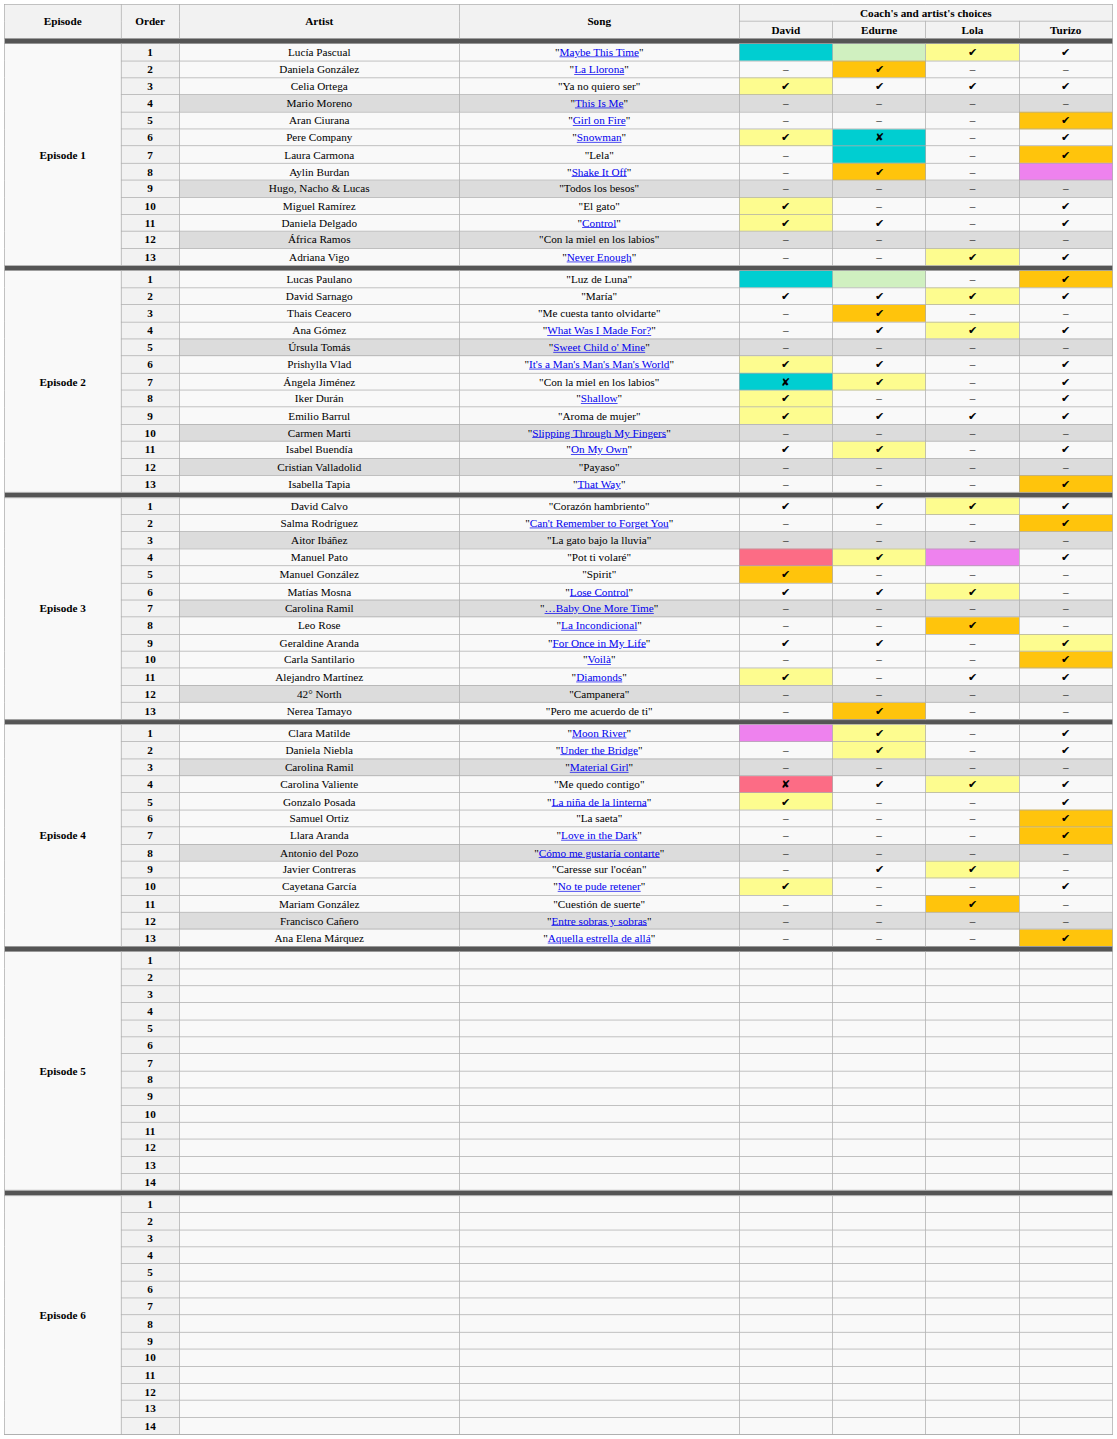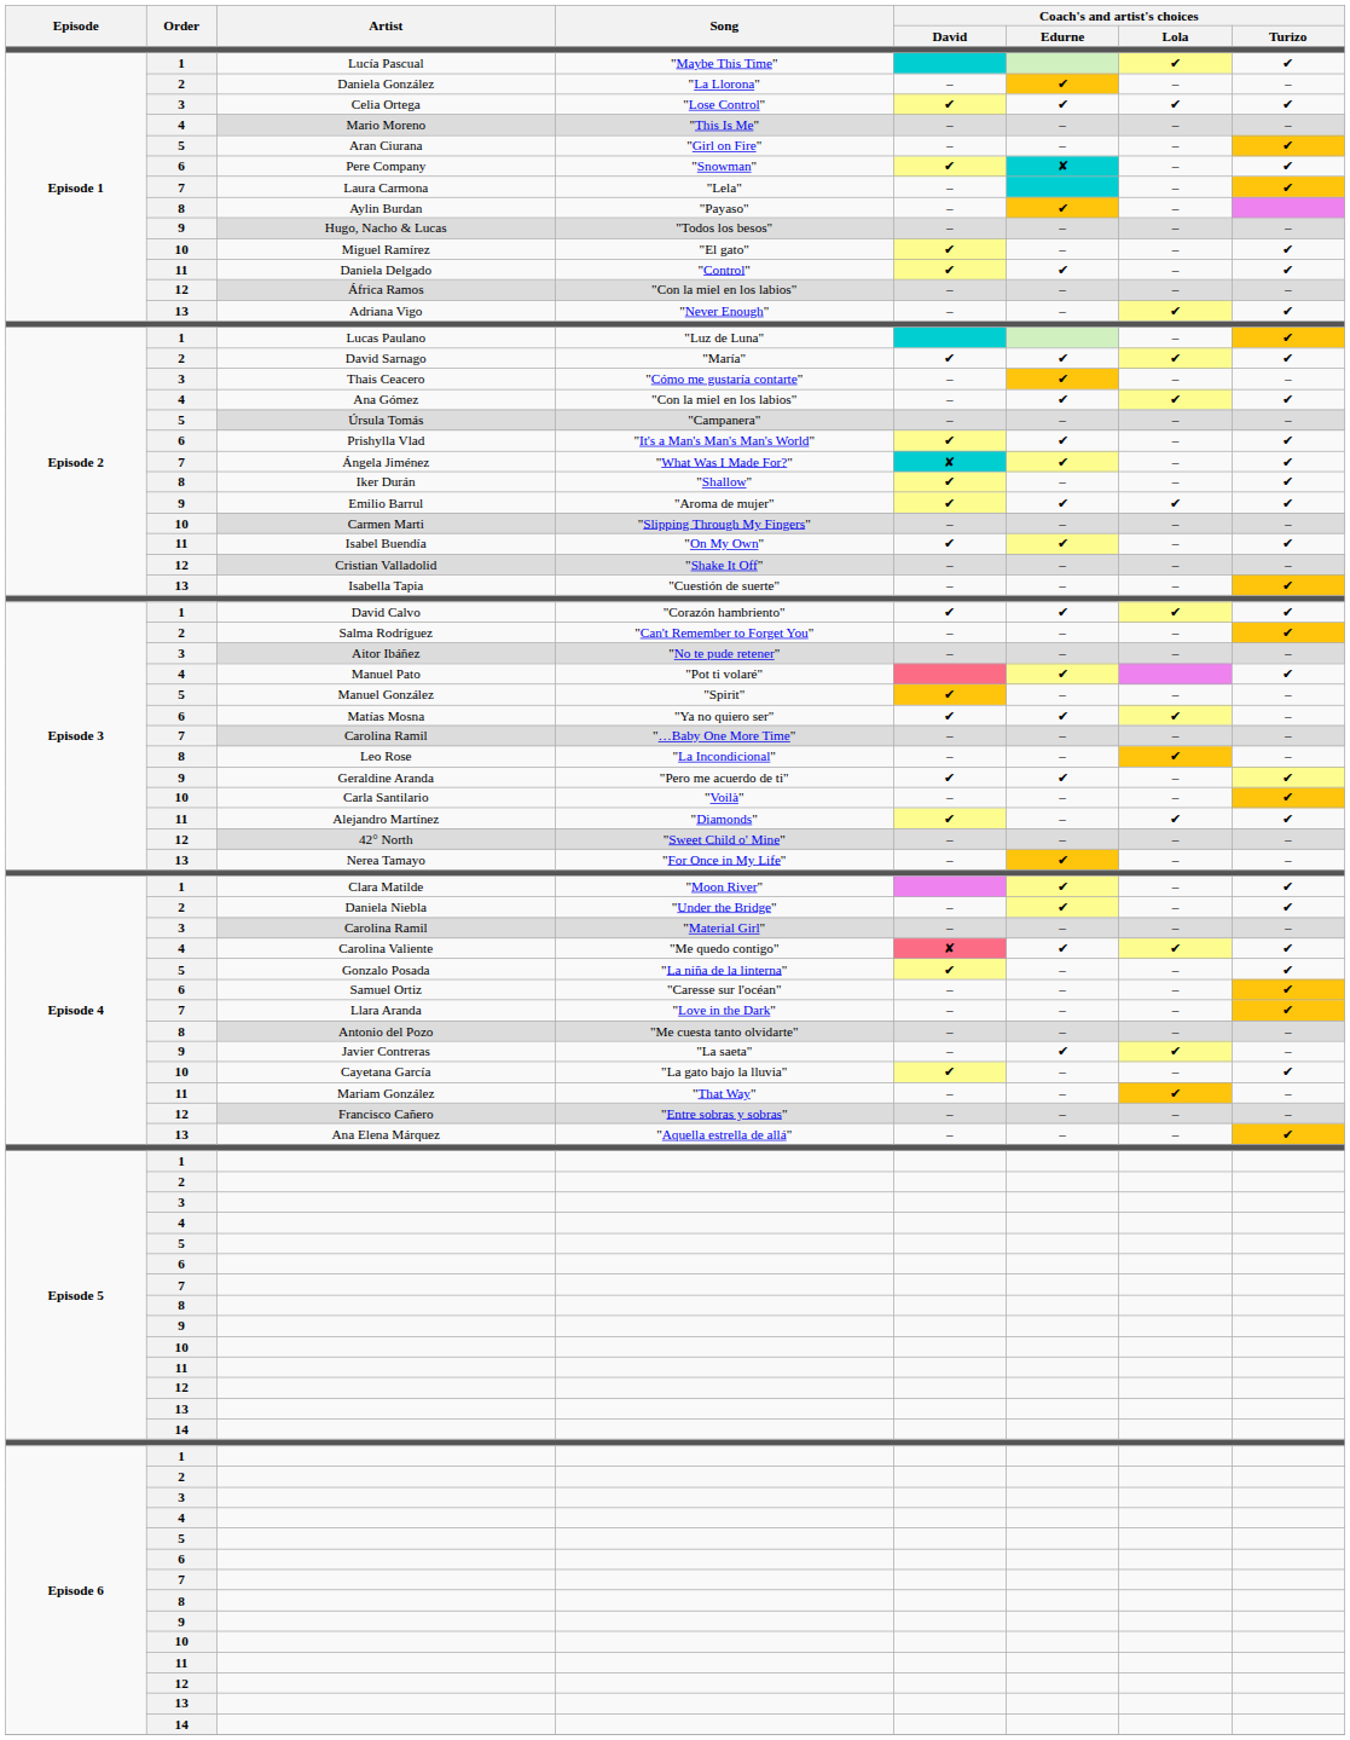 <table class="wikitable" style="text-align:center; line-height:17px; width:100%">
 <tr>
 <th rowspan="2" scope="col" style="width:10%">Episode</th>
 <th rowspan="2" scope="col" style="width:05%">Order</th>
 <th rowspan="2" scope="col" style="width:24%">Artist</th>
 <th rowspan="2" scope="col" style="width:24%">Song</th>
 <th colspan="4" scope="col" style="width:24%">Coach's and artist's choices</th>
 </tr>
 <tr>
 <th style="width:08%">David</th>
 <th style="width:08%">Edurne</th>
 <th style="width:08%">Lola</th>
 <th style="width:08%">Turizo</th>
 </tr>
 <tr>
 <td colspan="9" style="background:#555"></td>
 </tr>
 <tr>
 <td rowspan="13"><strong>Episode 1</strong><br></td>
 <th scope="row">1</th>
 <td>Lucía Pascual</td>
 <td>"<a href='#'>Maybe This Time</a>"</td>
 <td style="background:#00ced1"></td>
 <td style="background:#d0f0c0"></td>
 <td style="background:#fdfc8f">✔</td>
 <td>✔</td>
 </tr>
 <tr>
 <th scope="row">2</th>
 <td>Daniela González</td>
 <td>"<a href='#'>La Llorona</a>"</td>
 <td>–</td>
 <td style="background:#ffc40c">✔</td>
 <td>–</td>
 <td>–</td>
 </tr>
 <tr>
 <th scope="row">3</th>
 <td>Celia Ortega</td>
-<td>"Ya no quiero ser"</td>
+<td>"<a href='#'>Lose Control</a>"</td>
 <td style="background:#fdfc8f">✔</td>
 <td>✔</td>
 <td>✔</td>
 <td>✔</td>
 </tr>
 <tr bgcolor=dcdcdc>
 <th scope="row">4</th>
 <td>Mario Moreno</td>
 <td>"<a href='#'>This Is Me</a>"</td>
 <td>–</td>
 <td>–</td>
 <td>–</td>
 <td>–</td>
 </tr>
 <tr>
 <th scope="row">5</th>
 <td>Aran Ciurana</td>
 <td>"<a href='#'>Girl on Fire</a>"</td>
 <td>–</td>
 <td>–</td>
 <td>–</td>
 <td style="background:#ffc40c">✔</td>
 </tr>
 <tr>
 <th scope="row">6</th>
 <td>Pere Company</td>
 <td>"<a href='#'>Snowman</a>"</td>
 <td style="background:#fdfc8f">✔</td>
 <td style="background:#00ced1">✘</td>
 <td>–</td>
 <td>✔</td>
 </tr>
 <tr>
 <th scope="row">7</th>
 <td>Laura Carmona</td>
 <td>"Lela"</td>
 <td>–</td>
 <td style="background:#00ced1"></td>
 <td>–</td>
 <td style="background:#ffc40c">✔</td>
 </tr>
 <tr>
 <th scope="row">8</th>
 <td>Aylin Burdan</td>
-<td>"<a href='#'>Shake It Off</a>"</td>
+<td>"Payaso"</td>
 <td>–</td>
 <td style="background:#ffc40c">✔</td>
 <td>–</td>
 <td style="background:#ee82ee"></td>
 </tr>
 <tr bgcolor=dcdcdc>
 <th scope="row">9</th>
 <td>Hugo, Nacho & Lucas</td>
 <td>"Todos los besos"</td>
 <td>–</td>
 <td>–</td>
 <td>–</td>
 <td>–</td>
 </tr>
 <tr>
 <th scope="row">10</th>
 <td>Miguel Ramírez</td>
 <td>"El gato"</td>
 <td style="background:#fdfc8f">✔</td>
 <td>–</td>
 <td>–</td>
 <td>✔</td>
 </tr>
 <tr>
 <th scope="row">11</th>
 <td>Daniela Delgado</td>
 <td>"<a href='#'>Control</a>"</td>
 <td style="background:#fdfc8f">✔</td>
 <td>✔</td>
 <td>–</td>
 <td>✔</td>
 </tr>
 <tr bgcolor=dcdcdc>
 <th scope="row">12</th>
 <td>África Ramos</td>
 <td>"Con la miel en los labios"</td>
 <td>–</td>
 <td>–</td>
 <td>–</td>
 <td>–</td>
 </tr>
 <tr>
 <th scope="row">13</th>
 <td>Adriana Vigo</td>
 <td>"<a href='#'>Never Enough</a>"</td>
 <td>–</td>
 <td>–</td>
 <td style="background:#fdfc8f">✔</td>
 <td>✔</td>
 </tr>
 <tr>
 <td colspan="9" style="background:#555"></td>
 </tr>
 <tr>
 <td rowspan="13"><strong>Episode 2</strong><br></td>
 <th scope="row">1</th>
 <td>Lucas Paulano</td>
 <td>"Luz de Luna"</td>
 <td style="background:#00ced1"></td>
 <td style="background:#d0f0c0"></td>
 <td>–</td>
 <td style="background:#ffc40c">✔</td>
 </tr>
 <tr>
 <th scope="row">2</th>
 <td>David Sarnago</td>
 <td>"María"</td>
 <td>✔</td>
 <td>✔</td>
 <td style="background:#fdfc8f">✔</td>
 <td>✔</td>
 </tr>
 <tr>
 <th scope="row">3</th>
 <td>Thais Ceacero</td>
-<td>"Me cuesta tanto olvidarte"</td>
+<td>"<a href='#'>Cómo me gustaría contarte</a>"</td>
 <td>–</td>
 <td style="background:#ffc40c">✔</td>
 <td>–</td>
 <td>–</td>
 </tr>
 <tr>
 <th scope="row">4</th>
 <td>Ana Gómez</td>
-<td>"<a href='#'>What Was I Made For?</a>"</td>
+<td>"Con la miel en los labios"</td>
 <td>–</td>
 <td>✔</td>
 <td style="background:#fdfc8f">✔</td>
 <td>✔</td>
 </tr>
 <tr bgcolor=dcdcdc>
 <th scope="row">5</th>
 <td>Úrsula Tomás</td>
-<td>"<a href='#'>Sweet Child o' Mine</a>"</td>
+<td>"Campanera"</td>
 <td>–</td>
 <td>–</td>
 <td>–</td>
 <td>–</td>
 </tr>
 <tr>
 <th scope="row">6</th>
 <td>Prishylla Vlad</td>
 <td>"<a href='#'>It's a Man's Man's Man's World</a>"</td>
 <td style="background:#fdfc8f">✔</td>
 <td>✔</td>
 <td>–</td>
 <td>✔</td>
 </tr>
 <tr>
 <th scope="row">7</th>
 <td>Ángela Jiménez</td>
-<td>"Con la miel en los labios"</td>
+<td>"<a href='#'>What Was I Made For?</a>"</td>
 <td style="background:#00ced1">✘</td>
 <td style="background:#fdfc8f">✔</td>
 <td>–</td>
 <td>✔</td>
 </tr>
 <tr>
 <th scope="row">8</th>
 <td>Iker Durán</td>
 <td>"<a href='#'>Shallow</a>"</td>
 <td style="background:#fdfc8f">✔</td>
 <td>–</td>
 <td>–</td>
 <td>✔</td>
 </tr>
 <tr>
 <th scope="row">9</th>
 <td>Emilio Barrul</td>
 <td>"Aroma de mujer"</td>
 <td style="background:#fdfc8f">✔</td>
 <td>✔</td>
 <td>✔</td>
 <td>✔</td>
 </tr>
 <tr bgcolor=dcdcdc>
 <th scope="row">10</th>
 <td>Carmen Marti</td>
 <td>"<a href='#'>Slipping Through My Fingers</a>"</td>
 <td>–</td>
 <td>–</td>
 <td>–</td>
 <td>–</td>
 </tr>
 <tr>
 <th scope="row">11</th>
 <td>Isabel Buendía</td>
 <td>"<a href='#'>On My Own</a>"</td>
 <td>✔</td>
 <td style="background:#fdfc8f">✔</td>
 <td>–</td>
 <td>✔</td>
 </tr>
 <tr bgcolor=dcdcdc>
 <th scope="row">12</th>
 <td>Cristian Valladolid</td>
-<td>"Payaso"</td>
+<td>"<a href='#'>Shake It Off</a>"</td>
 <td>–</td>
 <td>–</td>
 <td>–</td>
 <td>–</td>
 </tr>
 <tr>
 <th scope="row">13</th>
 <td>Isabella Tapia</td>
-<td>"<a href='#'>That Way</a>"</td>
+<td>"Cuestión de suerte"</td>
 <td>–</td>
 <td>–</td>
 <td>–</td>
 <td style="background:#ffc40c">✔</td>
 </tr>
 <tr>
 <td colspan="9" style="background:#555"></td>
 </tr>
 <tr>
 <td rowspan="13"><strong>Episode 3</strong><br></td>
 <th scope="row">1</th>
 <td>David Calvo</td>
 <td>"Corazón hambriento"</td>
 <td>✔</td>
 <td>✔</td>
 <td style="background:#fdfc8f">✔</td>
 <td>✔</td>
 </tr>
 <tr>
 <th scope="row">2</th>
 <td>Salma Rodríguez</td>
 <td>"<a href='#'>Can't Remember to Forget You</a>"</td>
 <td>–</td>
 <td>–</td>
 <td>–</td>
 <td style="background:#ffc40c">✔</td>
 </tr>
 <tr bgcolor=dcdcdc>
 <th scope="row">3</th>
 <td>Aitor Ibáñez</td>
-<td>"La gato bajo la lluvia"</td>
+<td>"<a href='#'>No te pude retener</a>"</td>
 <td>–</td>
 <td>–</td>
 <td>–</td>
 <td>–</td>
 </tr>
 <tr>
 <th scope="row">4</th>
 <td>Manuel Pato</td>
 <td>"Pot ti volaré"</td>
 <td style="background:#FC6C85"></td>
 <td style="background:#fdfc8f">✔</td>
 <td style="background:#ee82ee"></td>
 <td>✔</td>
 </tr>
 <tr>
 <th scope="row">5</th>
 <td>Manuel González</td>
 <td>"Spirit"</td>
 <td style="background:#ffc40c">✔</td>
 <td>–</td>
 <td>–</td>
 <td>–</td>
 </tr>
 <tr>
 <th scope="row">6</th>
 <td>Matías Mosna</td>
-<td>"<a href='#'>Lose Control</a>"</td>
+<td>"Ya no quiero ser"</td>
 <td>✔</td>
 <td>✔</td>
 <td style="background:#fdfc8f">✔</td>
 <td>–</td>
 </tr>
 <tr bgcolor=dcdcdc>
 <th scope="row">7</th>
 <td>Carolina Ramil</td>
 <td>"<a href='#'>…Baby One More Time</a>"</td>
 <td>–</td>
 <td>–</td>
 <td>–</td>
 <td>–</td>
 </tr>
 <tr>
 <th scope="row">8</th>
 <td>Leo Rose</td>
 <td>"<a href='#'>La Incondicional</a>"</td>
 <td>–</td>
 <td>–</td>
 <td style="background:#ffc40c">✔</td>
 <td>–</td>
 </tr>
 <tr>
 <th scope="row">9</th>
 <td>Geraldine Aranda</td>
-<td>"<a href='#'>For Once in My Life</a>"</td>
+<td>"Pero me acuerdo de ti"</td>
 <td>✔</td>
 <td>✔</td>
 <td>–</td>
 <td style="background:#fdfc8f">✔</td>
 </tr>
 <tr>
 <th scope="row">10</th>
 <td>Carla Santilario</td>
 <td>"<a href='#'>Voilà</a>"</td>
 <td>–</td>
 <td>–</td>
 <td>–</td>
 <td style="background:#ffc40c">✔</td>
 </tr>
 <tr>
 <th scope="row">11</th>
 <td>Alejandro Martínez</td>
 <td>"<a href='#'>Diamonds</a>"</td>
 <td style="background:#fdfc8f">✔</td>
 <td>–</td>
 <td>✔</td>
 <td>✔</td>
 </tr>
 <tr bgcolor=dcdcdc>
 <th scope="row">12</th>
 <td>42° North</td>
-<td>"Campanera"</td>
+<td>"<a href='#'>Sweet Child o' Mine</a>"</td>
 <td>–</td>
 <td>–</td>
 <td>–</td>
 <td>–</td>
 </tr>
 <tr>
 <th scope="row">13</th>
 <td>Nerea Tamayo</td>
-<td>"Pero me acuerdo de ti"</td>
+<td>"<a href='#'>For Once in My Life</a>"</td>
 <td>–</td>
 <td style="background:#ffc40c">✔</td>
 <td>–</td>
 <td>–</td>
 </tr>
 <tr>
 <td colspan="9" style="background:#555"></td>
 </tr>
 <tr>
 <td rowspan="13"><strong>Episode 4</strong><br></td>
 <th scope="row">1</th>
 <td>Clara Matilde</td>
 <td>"<a href='#'>Moon River</a>"</td>
 <td style="background:#ee82ee"></td>
 <td style="background:#fdfc8f">✔</td>
 <td>–</td>
 <td>✔</td>
 </tr>
 <tr>
 <th scope="row">2</th>
 <td>Daniela Niebla</td>
 <td>"<a href='#'>Under the Bridge</a>"</td>
 <td>–</td>
 <td style="background:#fdfc8f">✔</td>
 <td>–</td>
 <td>✔</td>
 </tr>
 <tr bgcolor=dcdcdc>
 <th scope="row">3</th>
 <td>Carolina Ramil</td>
 <td>"<a href='#'>Material Girl</a>"</td>
 <td>–</td>
 <td>–</td>
 <td>–</td>
 <td>–</td>
 </tr>
 <tr>
 <th scope="row">4</th>
 <td>Carolina Valiente</td>
 <td>"Me quedo contigo"</td>
 <td style="background:#FC6C85">✘</td>
 <td>✔</td>
 <td style="background:#fdfc8f">✔</td>
 <td>✔</td>
 </tr>
 <tr>
 <th scope="row">5</th>
 <td>Gonzalo Posada</td>
 <td>"<a href='#'>La niña de la linterna</a>"</td>
 <td style="background:#fdfc8f">✔</td>
 <td>–</td>
 <td>–</td>
 <td>✔</td>
 </tr>
 <tr>
 <th scope="row">6</th>
 <td>Samuel Ortiz</td>
-<td>"La saeta"</td>
+<td>"Caresse sur l'océan"</td>
 <td>–</td>
 <td>–</td>
 <td>–</td>
 <td style="background:#ffc40c">✔</td>
 </tr>
 <tr>
 <th scope="row">7</th>
 <td>Llara Aranda</td>
 <td>"<a href='#'>Love in the Dark</a>"</td>
 <td>–</td>
 <td>–</td>
 <td>–</td>
 <td style="background:#ffc40c">✔</td>
 </tr>
 <tr bgcolor=dcdcdc>
 <th scope="row">8</th>
 <td>Antonio del Pozo</td>
-<td>"<a href='#'>Cómo me gustaría contarte</a>"</td>
+<td>"Me cuesta tanto olvidarte"</td>
 <td>–</td>
 <td>–</td>
 <td>–</td>
 <td>–</td>
 </tr>
 <tr>
 <th scope="row">9</th>
 <td>Javier Contreras</td>
-<td>"Caresse sur l'océan"</td>
+<td>"La saeta"</td>
 <td>–</td>
 <td>✔</td>
 <td style="background:#fdfc8f">✔</td>
 <td>–</td>
 </tr>
 <tr>
 <th scope="row">10</th>
 <td>Cayetana García</td>
-<td>"<a href='#'>No te pude retener</a>"</td>
+<td>"La gato bajo la lluvia"</td>
 <td style="background:#fdfc8f">✔</td>
 <td>–</td>
 <td>–</td>
 <td>✔</td>
 </tr>
 <tr>
 <th scope="row">11</th>
 <td>Mariam González</td>
-<td>"Cuestión de suerte"</td>
+<td>"<a href='#'>That Way</a>"</td>
 <td>–</td>
 <td>–</td>
 <td style="background:#ffc40c">✔</td>
 <td>–</td>
 </tr>
 <tr bgcolor=dcdcdc>
 <th scope="row">12</th>
 <td>Francisco Cañero</td>
 <td>"<a href='#'>Entre sobras y sobras</a>"</td>
 <td>–</td>
 <td>–</td>
 <td>–</td>
 <td>–</td>
 </tr>
 <tr>
 <th scope="row">13</th>
 <td>Ana Elena Márquez</td>
 <td>"<a href='#'>Aquella estrella de allá</a>"</td>
 <td>–</td>
 <td>–</td>
 <td>–</td>
 <td style="background:#ffc40c">✔</td>
 </tr>
 <tr>
 <td colspan="9" style="background:#555"></td>
 </tr>
 <tr>
 <td rowspan="14"><strong>Episode 5</strong><br></td>
 <th scope="row">1</th>
 <td></td>
 <td></td>
 <td></td>
 <td></td>
 <td></td>
 <td></td>
 </tr>
 <tr>
 <th scope="row">2</th>
 <td></td>
 <td></td>
 <td></td>
 <td></td>
 <td></td>
 <td></td>
 </tr>
 <tr>
 <th scope="row">3</th>
 <td></td>
 <td></td>
 <td></td>
 <td></td>
 <td></td>
 <td></td>
 </tr>
 <tr>
 <th scope="row">4</th>
 <td></td>
 <td></td>
 <td></td>
 <td></td>
 <td></td>
 <td></td>
 </tr>
 <tr>
 <th scope="row">5</th>
 <td></td>
 <td></td>
 <td></td>
 <td></td>
 <td></td>
 <td></td>
 </tr>
 <tr>
 <th scope="row">6</th>
 <td></td>
 <td></td>
 <td></td>
 <td></td>
 <td></td>
 <td></td>
 </tr>
 <tr>
 <th scope="row">7</th>
 <td></td>
 <td></td>
 <td></td>
 <td></td>
 <td></td>
 <td></td>
 </tr>
 <tr>
 <th scope="row">8</th>
 <td></td>
 <td></td>
 <td></td>
 <td></td>
 <td></td>
 <td></td>
 </tr>
 <tr>
 <th scope="row">9</th>
 <td></td>
 <td></td>
 <td></td>
 <td></td>
 <td></td>
 <td></td>
 </tr>
 <tr>
 <th scope="row">10</th>
 <td></td>
 <td></td>
 <td></td>
 <td></td>
 <td></td>
 <td></td>
 </tr>
 <tr>
 <th scope="row">11</th>
 <td></td>
 <td></td>
 <td></td>
 <td></td>
 <td></td>
 <td></td>
 </tr>
 <tr>
 <th scope="row">12</th>
 <td></td>
 <td></td>
 <td></td>
 <td></td>
 <td></td>
 <td></td>
 </tr>
 <tr>
 <th scope="row">13</th>
 <td></td>
 <td></td>
 <td></td>
 <td></td>
 <td></td>
 <td></td>
 </tr>
 <tr>
 <th scope="row">14</th>
 <td></td>
 <td></td>
 <td></td>
 <td></td>
 <td></td>
 <td></td>
 </tr>
 <tr>
 <td colspan="9" style="background:#555"></td>
 </tr>
 <tr>
 <td rowspan="14"><strong>Episode 6</strong><br></td>
 <th scope="row">1</th>
 <td></td>
 <td></td>
 <td></td>
 <td></td>
 <td></td>
 <td></td>
 </tr>
 <tr>
 <th scope="row">2</th>
 <td></td>
 <td></td>
 <td></td>
 <td></td>
 <td></td>
 <td></td>
 </tr>
 <tr>
 <th scope="row">3</th>
 <td></td>
 <td></td>
 <td></td>
 <td></td>
 <td></td>
 <td></td>
 </tr>
 <tr>
 <th scope="row">4</th>
 <td></td>
 <td></td>
 <td></td>
 <td></td>
 <td></td>
 <td></td>
 </tr>
 <tr>
 <th scope="row">5</th>
 <td></td>
 <td></td>
 <td></td>
 <td></td>
 <td></td>
 <td></td>
 </tr>
 <tr>
 <th scope="row">6</th>
 <td></td>
 <td></td>
 <td></td>
 <td></td>
 <td></td>
 <td></td>
 </tr>
 <tr>
 <th scope="row">7</th>
 <td></td>
 <td></td>
 <td></td>
 <td></td>
 <td></td>
 <td></td>
 </tr>
 <tr>
 <th scope="row">8</th>
 <td></td>
 <td></td>
 <td></td>
 <td></td>
 <td></td>
 <td></td>
 </tr>
 <tr>
 <th scope="row">9</th>
 <td></td>
 <td></td>
 <td></td>
 <td></td>
 <td></td>
 <td></td>
 </tr>
 <tr>
 <th scope="row">10</th>
 <td></td>
 <td></td>
 <td></td>
 <td></td>
 <td></td>
 <td></td>
 </tr>
 <tr>
 <th scope="row">11</th>
 <td></td>
 <td></td>
 <td></td>
 <td></td>
 <td></td>
 <td></td>
 </tr>
 <tr>
 <th scope="row">12</th>
 <td></td>
 <td></td>
 <td></td>
 <td></td>
 <td></td>
 <td></td>
 </tr>
 <tr>
 <th scope="row">13</th>
 <td></td>
 <td></td>
 <td></td>
 <td></td>
 <td></td>
 <td></td>
 </tr>
 <tr>
 <th scope="row">14</th>
 <td></td>
 <td></td>
 <td></td>
 <td></td>
 <td></td>
 <td></td>
 </tr>
 <tr>
 </tr>
 </table>
